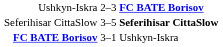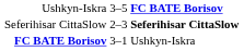 <table>
 <tr>
 <td></td>
 <th width=auto></th>
 <td></td>
 </tr>
 <tr>
 <td align=right>Ushkyn-Iskra </td>
-<td align=center>2–3</td>
+<td align=center>3–5</td>
 <td align=left> <strong><a href='#'>FC BATE Borisov</a></strong></td>
 </tr>
 <tr>
 <td align=right>Seferihisar CittaSlow </td>
-<td align=center>3–5</td>
+<td align=center>2–3</td>
 <td align=left> <strong>Seferihisar CittaSlow</strong></td>
 </tr>
 <tr>
 <td align=right><strong><a href='#'>FC BATE Borisov</a></strong> </td>
 <td align=center>3–1</td>
 <td align=left> Ushkyn-Iskra</td>
 </tr>
 </table>
